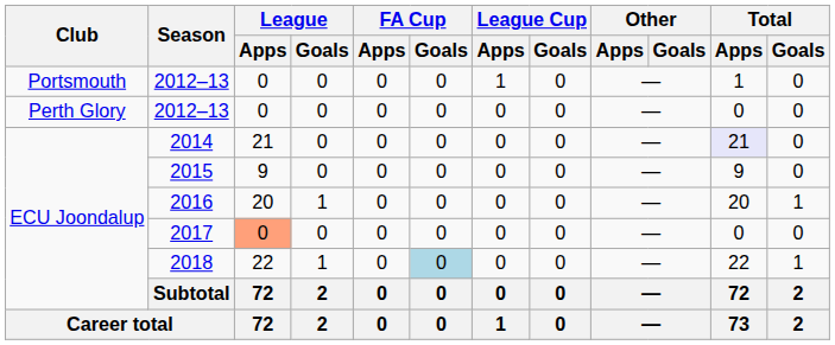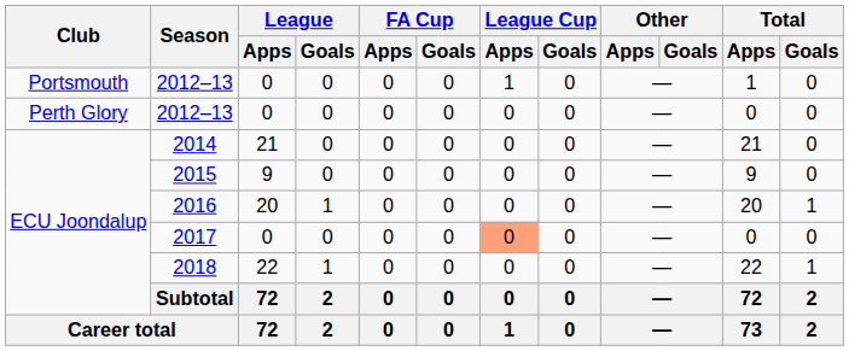 <table class="wikitable" style="text-align: center;">
 <tr>
 <th rowspan="2">Club</th>
 <th rowspan="2">Season</th>
 <th colspan="2"><a href='#'>League</a></th>
 <th colspan="2"><a href='#'>FA Cup</a></th>
 <th colspan="2"><a href='#'>League Cup</a></th>
 <th colspan="2">Other</th>
 <th colspan="2">Total</th>
 </tr>
 <tr>
 <th>Apps</th>
 <th>Goals</th>
 <th>Apps</th>
 <th>Goals</th>
 <th>Apps</th>
 <th>Goals</th>
 <th>Apps</th>
 <th>Goals</th>
 <th>Apps</th>
 <th>Goals</th>
 </tr>
 <tr>
 <td valign="center"><a href='#'>Portsmouth</a></td>
 <td><a href='#'>2012–13</a></td>
 <td>0</td>
 <td>0</td>
 <td>0</td>
 <td>0</td>
 <td>1</td>
 <td>0</td>
 <td colspan="2">—</td>
 <td>1</td>
 <td>0</td>
 </tr>
 <tr>
 <td valign="center"><a href='#'>Perth Glory</a></td>
 <td><a href='#'>2012–13</a></td>
 <td>0</td>
 <td>0</td>
 <td>0</td>
 <td>0</td>
 <td>0</td>
 <td>0</td>
 <td colspan="2">—</td>
 <td>0</td>
 <td>0</td>
 </tr>
 <tr>
 <td rowspan="6" valign="center"><a href='#'>ECU Joondalup</a></td>
 <td><a href='#'>2014</a></td>
 <td>21</td>
 <td>0</td>
 <td>0</td>
 <td>0</td>
 <td>0</td>
 <td>0</td>
 <td colspan="2">—</td>
-<td style="background: lavender;">21</td>
+<td>21</td>
 <td>0</td>
 </tr>
 <tr>
 <td><a href='#'>2015</a></td>
 <td>9</td>
 <td>0</td>
 <td>0</td>
 <td>0</td>
 <td>0</td>
 <td>0</td>
 <td colspan="2">—</td>
 <td>9</td>
 <td>0</td>
 </tr>
 <tr>
 <td><a href='#'>2016</a></td>
 <td>20</td>
 <td>1</td>
 <td>0</td>
 <td>0</td>
 <td>0</td>
 <td>0</td>
 <td colspan="2">—</td>
 <td>20</td>
 <td>1</td>
 </tr>
 <tr>
 <td><a href='#'>2017</a></td>
-<td style="background: lightsalmon;">0</td>
 <td>0</td>
 <td>0</td>
 <td>0</td>
 <td>0</td>
+<td style="background: lightsalmon;">0</td>
 <td>0</td>
 <td colspan="2">—</td>
 <td>0</td>
 <td>0</td>
 </tr>
 <tr>
 <td><a href='#'>2018</a></td>
 <td>22</td>
 <td>1</td>
 <td>0</td>
-<td style="background: lightblue;">0</td>
+<td>0</td>
 <td>0</td>
 <td>0</td>
 <td colspan="2">—</td>
 <td>22</td>
 <td>1</td>
 </tr>
 <tr>
 <th>Subtotal</th>
 <th>72</th>
 <th>2</th>
 <th>0</th>
 <th>0</th>
 <th>0</th>
 <th>0</th>
 <th colspan="2">—</th>
 <th>72</th>
 <th>2</th>
 </tr>
 <tr>
 <th colspan="2">Career total</th>
 <th>72</th>
 <th>2</th>
 <th>0</th>
 <th>0</th>
 <th>1</th>
 <th>0</th>
 <th colspan="2">—</th>
 <th>73</th>
 <th>2</th>
 </tr>
 </table>
